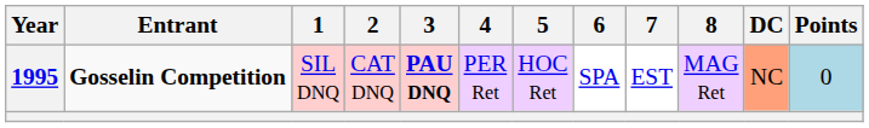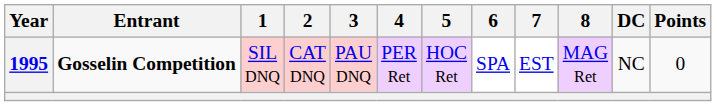 <table class="wikitable" style="text-align:center; font-size:90%">
 <tr>
 <th>Year</th>
 <th>Entrant</th>
 <th>1</th>
 <th>2</th>
 <th>3</th>
 <th>4</th>
 <th>5</th>
 <th>6</th>
 <th>7</th>
 <th>8</th>
 <th>DC</th>
 <th>Points</th>
 </tr>
 <tr>
 <th><a href='#'>1995</a></th>
 <td><strong>Gosselin Competition</strong></td>
 <td style="background:#FFCFCF;"><a href='#'>SIL</a><br><small>DNQ</small></td>
 <td style="background:#FFCFCF;"><a href='#'>CAT</a><br><small>DNQ</small></td>
-<td style="background:#FFCFCF;"><strong><a href='#'>PAU</a><br><small>DNQ</small></strong></td>
+<td style="background:#FFCFCF;"><a href='#'>PAU</a><br><small>DNQ</small></td>
 <td style="background:#EFCFFF;"><a href='#'>PER</a><br><small>Ret</small></td>
 <td style="background:#EFCFFF;"><a href='#'>HOC</a><br><small>Ret</small></td>
 <td style="background:#FFFFFF;"><a href='#'>SPA</a></td>
 <td style="background:#FFFFFF;"><a href='#'>EST</a></td>
 <td style="background:#EFCFFF;"><a href='#'>MAG</a><br><small>Ret</small></td>
-<td style="background: lightsalmon;">NC</td>
-<td style="background: lightblue;">0</td>
+<td>NC</td>
+<td>0</td>
 </tr>
 <tr>
 <th colspan="12"></th>
 </tr>
 </table>
